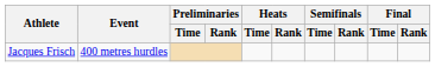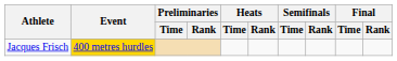 <table class=wikitable style="font-size:90%;">
 <tr>
 <th rowspan="2">Athlete</th>
 <th rowspan="2">Event</th>
 <th colspan="2">Preliminaries</th>
 <th colspan="2">Heats</th>
 <th colspan="2">Semifinals</th>
 <th colspan="2">Final</th>
 </tr>
 <tr>
 <th>Time</th>
 <th>Rank</th>
 <th>Time</th>
 <th>Rank</th>
 <th>Time</th>
 <th>Rank</th>
 <th>Time</th>
 <th>Rank</th>
 </tr>
 <tr style="border-top: single;">
 <td><a href='#'>Jacques Frisch</a></td>
-<td><a href='#'>400 metres hurdles</a></td>
+<td style="background: gold;"><a href='#'>400 metres hurdles</a></td>
 <td colspan= 2 bgcolor="wheat"></td>
 <td align=center></td>
 <td align=center></td>
 <td align=center></td>
 <td align=center></td>
 <td align=center></td>
 <td align=center></td>
 </tr>
 </table>
